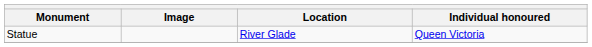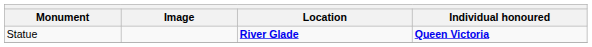 <table class="wikitable" style="width:100%">
 <tr>
 <th colspan="9" align="left"></th>
 </tr>
 <tr>
 <th width="20%">Monument</th>
 <th width="20%">Image</th>
 <th width="30%">Location</th>
 <th width="30%">Individual honoured</th>
 </tr>
 <tr>
 <td>Statue</td>
 <td></td>
-<td><a href='#'>River Glade</a></td>
-<td><a href='#'>Queen Victoria</a></td>
+<td><strong><a href='#'>River Glade</a></strong></td>
+<td><strong><a href='#'>Queen Victoria</a></strong></td>
 </tr>
 <tr>
 </tr>
 </table>
